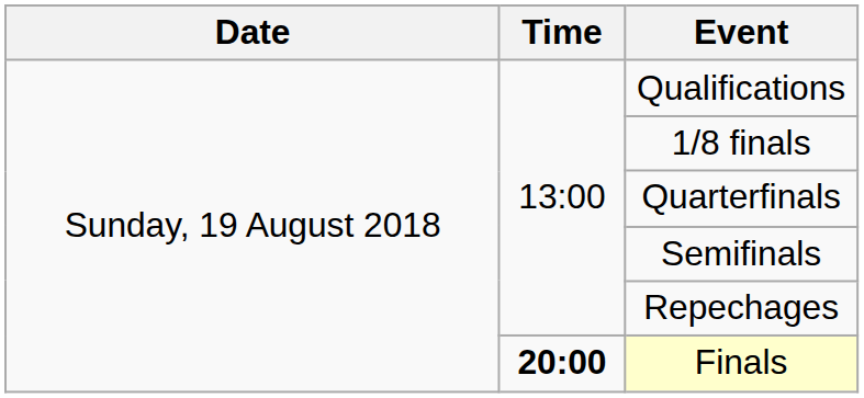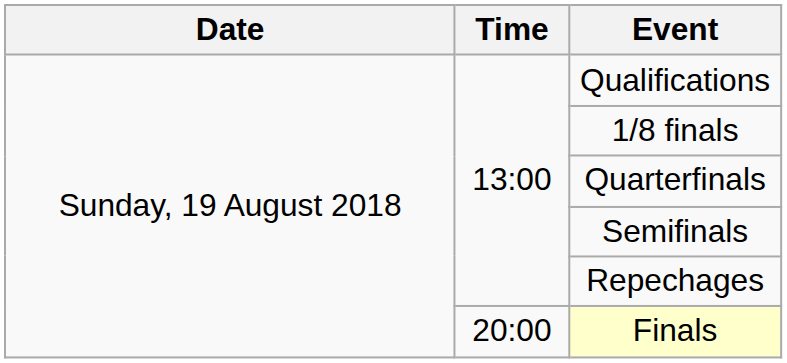 <table class = "wikitable" style="text-align:center;">
 <tr>
 <th width=220>Date</th>
 <th width=50>Time</th>
 <th width=100>Event</th>
 </tr>
 <tr>
 <td rowspan=6>Sunday, 19 August 2018</td>
 <td rowspan=5>13:00</td>
 <td>Qualifications</td>
 </tr>
 <tr>
 <td>1/8 finals</td>
 </tr>
 <tr>
 <td>Quarterfinals</td>
 </tr>
 <tr>
 <td>Semifinals</td>
 </tr>
 <tr>
 <td>Repechages</td>
 </tr>
 <tr>
-<td><strong>20:00</strong></td>
+<td>20:00</td>
 <td bgcolor=ffffcc>Finals</td>
 </tr>
 </table>
